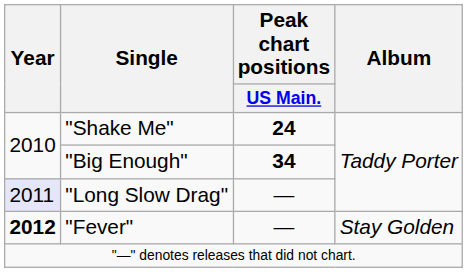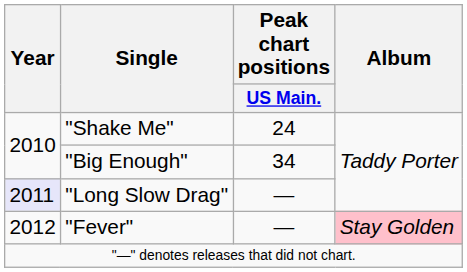 <table class="wikitable">
 <tr>
 <th rowspan="2">Year</th>
 <th rowspan="2">Single</th>
 <th colspan="1">Peak chart positions</th>
 <th rowspan="2">Album</th>
 </tr>
 <tr>
 <th style="width:3em;font-size:85%"><a href='#'>US Main.</a><br></th>
 </tr>
 <tr>
 <td rowspan="2">2010</td>
 <td>"Shake Me"</td>
-<td style="text-align:center;"><strong>24</strong></td>
+<td style="text-align:center;">24</td>
 <td rowspan="3"><em>Taddy Porter</em></td>
 </tr>
 <tr>
 <td>"Big Enough"</td>
-<td style="text-align:center;"><strong>34</strong></td>
+<td style="text-align:center;">34</td>
 </tr>
 <tr>
 <td rowspan="1" style="background: lavender;">2011</td>
 <td>"Long Slow Drag"</td>
 <td style="text-align:center;">—</td>
 </tr>
 <tr>
-<td rowspan="1"><strong>2012</strong></td>
+<td rowspan="1">2012</td>
 <td>"Fever"</td>
 <td style="text-align:center;">—</td>
-<td rowspan="1"><em>Stay Golden</em></td>
+<td rowspan="1" style="background: pink;"><em>Stay Golden</em></td>
 </tr>
 <tr>
 <td colspan="4" style="text-align:center; font-size:8pt;">"—" denotes releases that did not chart.</td>
 </tr>
 </table>
